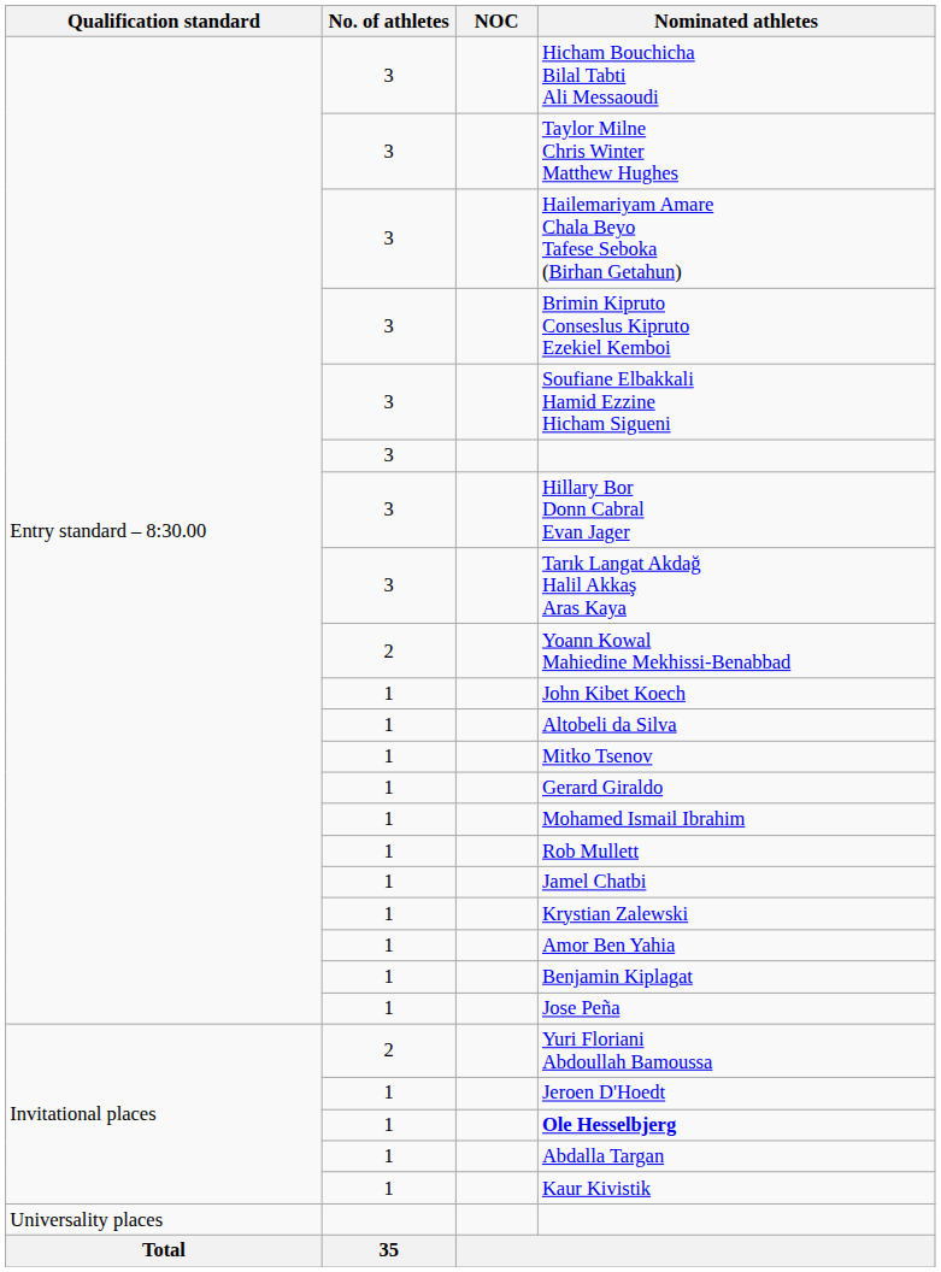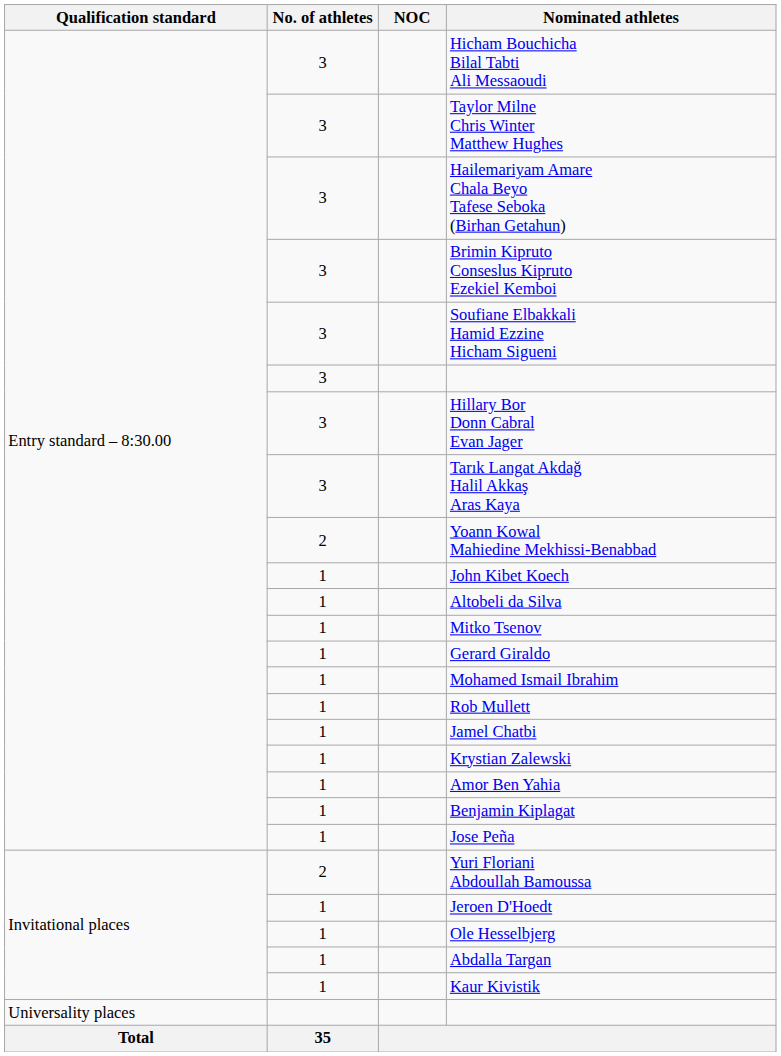 <table class="wikitable"  style="text-align:left; width:750px;">
 <tr>
 <th>Qualification standard</th>
 <th width=100>No. of athletes</th>
 <th>NOC</th>
 <th>Nominated athletes</th>
 </tr>
 <tr>
 <td rowspan=20>Entry standard – 8:30.00</td>
 <td style="text-align:center;">3</td>
 <td></td>
 <td><a href='#'>Hicham Bouchicha</a><br><a href='#'>Bilal Tabti</a> <br><a href='#'>Ali Messaoudi</a></td>
 </tr>
 <tr>
 <td style="text-align:center;">3</td>
 <td></td>
 <td><a href='#'>Taylor Milne</a><br><a href='#'>Chris Winter</a> <br><a href='#'>Matthew Hughes</a></td>
 </tr>
 <tr>
 <td style="text-align:center;">3</td>
 <td></td>
 <td><a href='#'>Hailemariyam Amare</a> <br><a href='#'>Chala Beyo</a> <br><a href='#'>Tafese Seboka</a> <br>(<a href='#'>Birhan Getahun</a>)</td>
 </tr>
 <tr>
 <td style="text-align:center;">3</td>
 <td></td>
 <td><a href='#'>Brimin Kipruto</a><br><a href='#'>Conseslus Kipruto</a><br><a href='#'>Ezekiel Kemboi</a></td>
 </tr>
 <tr>
 <td style="text-align:center;">3</td>
 <td></td>
 <td><a href='#'>Soufiane Elbakkali</a><br><a href='#'>Hamid Ezzine</a><br><a href='#'>Hicham Sigueni</a></td>
 </tr>
 <tr>
 <td style="text-align:center;">3</td>
 <td></td>
 <td></td>
 </tr>
 <tr>
 <td style="text-align:center;">3</td>
 <td></td>
 <td><a href='#'>Hillary Bor</a><br><a href='#'>Donn Cabral</a><br><a href='#'>Evan Jager</a></td>
 </tr>
 <tr>
 <td style="text-align:center;">3</td>
 <td></td>
 <td><a href='#'>Tarık Langat Akdağ</a><br><a href='#'>Halil Akkaş</a><br><a href='#'>Aras Kaya</a></td>
 </tr>
 <tr>
 <td style="text-align:center;">2</td>
 <td></td>
 <td><a href='#'>Yoann Kowal</a><br><a href='#'>Mahiedine Mekhissi-Benabbad</a></td>
 </tr>
 <tr>
 <td style="text-align:center;">1</td>
 <td></td>
 <td><a href='#'>John Kibet Koech</a></td>
 </tr>
 <tr>
 <td style="text-align:center;">1</td>
 <td></td>
 <td><a href='#'>Altobeli da Silva</a></td>
 </tr>
 <tr>
 <td style="text-align:center;">1</td>
 <td></td>
 <td><a href='#'>Mitko Tsenov</a></td>
 </tr>
 <tr>
 <td style="text-align:center;">1</td>
 <td></td>
 <td><a href='#'>Gerard Giraldo</a></td>
 </tr>
 <tr>
 <td style="text-align:center;">1</td>
 <td></td>
 <td><a href='#'>Mohamed Ismail Ibrahim</a></td>
 </tr>
 <tr>
 <td style="text-align:center;">1</td>
 <td></td>
 <td><a href='#'>Rob Mullett</a></td>
 </tr>
 <tr>
 <td style="text-align:center;">1</td>
 <td></td>
 <td><a href='#'>Jamel Chatbi</a></td>
 </tr>
 <tr>
 <td style="text-align:center;">1</td>
 <td></td>
 <td><a href='#'>Krystian Zalewski</a></td>
 </tr>
 <tr>
 <td style="text-align:center;">1</td>
 <td></td>
 <td><a href='#'>Amor Ben Yahia</a></td>
 </tr>
 <tr>
 <td style="text-align:center;">1</td>
 <td></td>
 <td><a href='#'>Benjamin Kiplagat</a></td>
 </tr>
 <tr>
 <td style="text-align:center;">1</td>
 <td></td>
 <td><a href='#'>Jose Peña</a></td>
 </tr>
 <tr>
 <td rowspan=5>Invitational places</td>
 <td style="text-align:center;">2</td>
 <td></td>
 <td><a href='#'>Yuri Floriani</a><br><a href='#'>Abdoullah Bamoussa</a></td>
 </tr>
 <tr>
 <td style="text-align:center;">1</td>
 <td></td>
 <td><a href='#'>Jeroen D'Hoedt</a></td>
 </tr>
 <tr>
 <td style="text-align:center;">1</td>
 <td></td>
-<td><strong><a href='#'>Ole Hesselbjerg</a></strong></td>
+<td><a href='#'>Ole Hesselbjerg</a></td>
 </tr>
 <tr>
 <td style="text-align:center;">1</td>
 <td></td>
 <td><a href='#'>Abdalla Targan</a></td>
 </tr>
 <tr>
 <td style="text-align:center;">1</td>
 <td></td>
 <td><a href='#'>Kaur Kivistik</a></td>
 </tr>
 <tr>
 <td>Universality places</td>
 <td></td>
 <td></td>
 <td></td>
 </tr>
 <tr>
 <th>Total</th>
 <th>35</th>
 <th colspan=2></th>
 </tr>
 </table>
